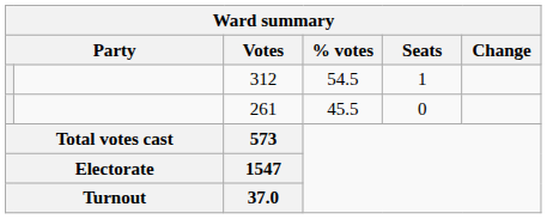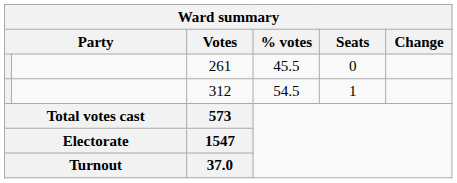 <table class="wikitable" style="font-size: 95%;">
 <tr style="background-color:#E9E9E9">
 <th colspan="6">Ward summary</th>
 </tr>
 <tr style="background-color:#E9E9E9">
 <th colspan="2">Party</th>
 <th style="width: 60px">Votes</th>
 <th style="width: 60px">% votes</th>
 <th style="width: 60px">Seats</th>
 <th style="width: 60px">Change</th>
 </tr>
 <tr>
 <th style="background-color: "></th>
 <td style="width: 170px"><a href='#'></a></td>
-<td align="center">312</td>
-<td align="center">54.5</td>
-<td align="center">1</td>
+<td align="center">261</td>
+<td align="center">45.5</td>
+<td align="center">0</td>
 <td align="center"></td>
 </tr>
 <tr>
 <th style="background-color: "></th>
 <td style="width: 170px"><a href='#'></a></td>
-<td align="center">261</td>
-<td align="center">45.5</td>
-<td align="center">0</td>
+<td align="center">312</td>
+<td align="center">54.5</td>
+<td align="center">1</td>
 <td align="center"></td>
 </tr>
 <tr style="background-color:#E9E9E9">
 <th colspan="2">Total votes cast</th>
 <th style="width: 60px">573</th>
 </tr>
 <tr style="background-color:#E9E9E9">
 <th colspan="2">Electorate</th>
 <th style="width: 60px">1547</th>
 </tr>
 <tr style="background-color:#E9E9E9">
 <th colspan="2">Turnout</th>
 <th style="width: 60px">37.0</th>
 </tr>
 </table>
